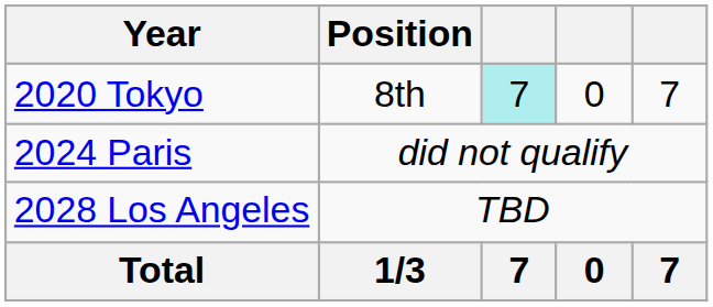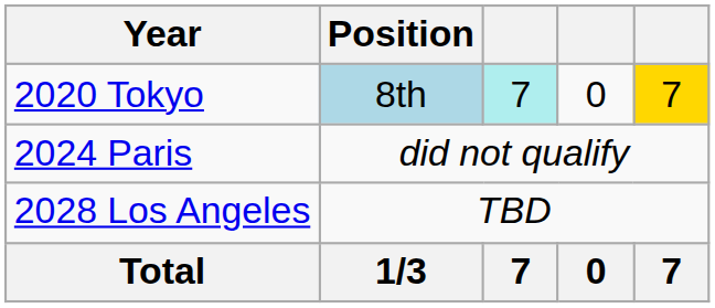 <table class="wikitable" style="text-align: center;">
 <tr>
 <th>Year</th>
 <th>Position</th>
 <th width=25px></th>
 <th width=25px></th>
 <th width=25px></th>
 </tr>
 <tr>
 <td style="text-align: left;"> <a href='#'>2020 Tokyo</a></td>
-<td>8th</td>
+<td style="background: lightblue;">8th</td>
 <td style="background: paleturquoise;">7</td>
 <td>0</td>
-<td>7</td>
+<td style="background: gold;">7</td>
 </tr>
 <tr>
 <td style="text-align: left;"> <a href='#'>2024 Paris</a></td>
 <td colspan=4><em>did not qualify</em></td>
 </tr>
 <tr>
 <td style="text-align: left;"> <a href='#'>2028 Los Angeles</a></td>
 <td colspan=4><em>TBD</em></td>
 </tr>
 <tr>
 <th>Total</th>
 <th>1/3</th>
 <th>7</th>
 <th>0</th>
 <th>7</th>
 </tr>
 </table>
